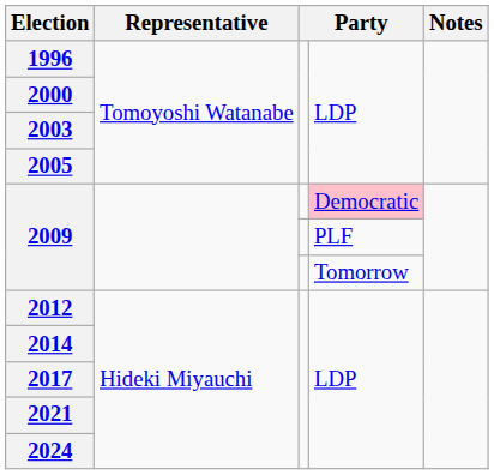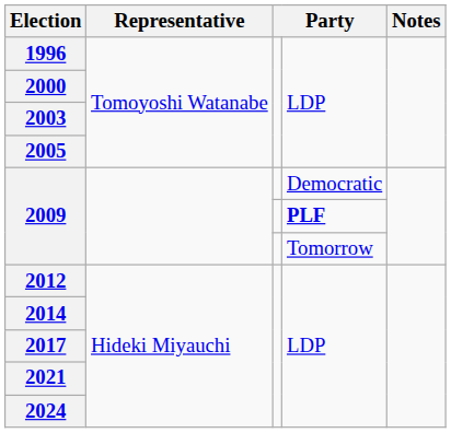 <table class=wikitable>
 <tr valign=bottom>
 <th>Election</th>
 <th>Representative</th>
 <th colspan=2>Party</th>
 <th>Notes</th>
 </tr>
 <tr>
 <th><a href='#'>1996</a></th>
 <td rowspan=4><a href='#'>Tomoyoshi Watanabe</a></td>
 <td rowspan=4 bgcolor=></td>
 <td rowspan=4><a href='#'>LDP</a></td>
 <td rowspan=4></td>
 </tr>
 <tr>
 <th><a href='#'>2000</a></th>
 </tr>
 <tr>
 <th><a href='#'>2003</a></th>
 </tr>
 <tr>
 <th><a href='#'>2005</a></th>
 </tr>
 <tr>
 <th rowspan=3><a href='#'>2009</a></th>
 <td rowspan=3></td>
 <td bgcolor=></td>
-<td style="background: pink;"><a href='#'>Democratic</a></td>
+<td><a href='#'>Democratic</a></td>
 <td rowspan=3></td>
 </tr>
 <tr>
 <td bgcolor=></td>
-<td><a href='#'>PLF</a></td>
+<td><strong><a href='#'>PLF</a></strong></td>
 </tr>
 <tr>
 <td bgcolor=></td>
 <td><a href='#'>Tomorrow</a></td>
 </tr>
 <tr>
 <th><a href='#'>2012</a></th>
 <td rowspan=5><a href='#'>Hideki Miyauchi</a></td>
 <td rowspan=5 bgcolor=></td>
 <td rowspan=5><a href='#'>LDP</a></td>
 <td rowspan=5></td>
 </tr>
 <tr>
 <th><a href='#'>2014</a></th>
 </tr>
 <tr>
 <th><a href='#'>2017</a></th>
 </tr>
 <tr>
 <th><a href='#'>2021</a></th>
 </tr>
 <tr>
 <th><a href='#'>2024</a></th>
 </tr>
 </table>
